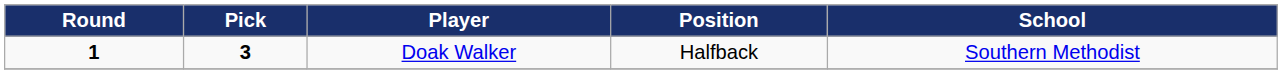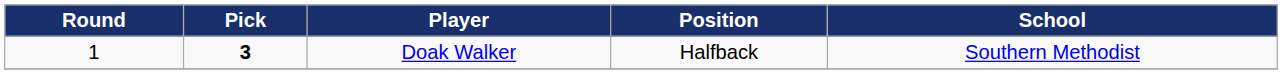 <table class="wikitable" width="80%">
 <tr align="center"  style="background:#192f6b;color:white;">
 <td><strong>Round</strong></td>
 <td><strong>Pick</strong></td>
 <td><strong>Player</strong></td>
 <td><strong>Position</strong></td>
 <td><strong>School</strong></td>
 </tr>
 <tr align="center" bgcolor="">
-<td><strong>1</strong></td>
+<td>1</td>
 <td><strong>3</strong></td>
 <td><a href='#'>Doak Walker</a></td>
 <td>Halfback</td>
 <td><a href='#'>Southern Methodist</a></td>
 </tr>
 <tr align="center" bgcolor="">
 </tr>
 </table>
